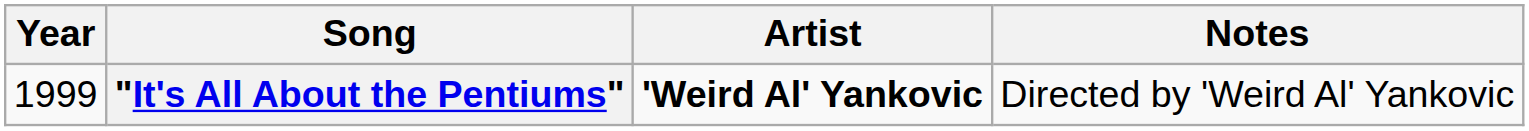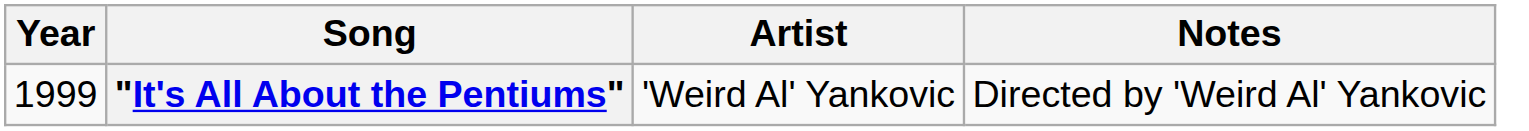 <table class="wikitable plainrowheaders sortable">
 <tr>
 <th scope="col">Year</th>
 <th scope="col">Song</th>
 <th scope="col">Artist</th>
 <th scope="col" class="unsortable">Notes</th>
 </tr>
 <tr>
 <td>1999</td>
 <th scope="row">"<a href='#'>It's All About the Pentiums</a>"</th>
-<td><strong>'Weird Al' Yankovic</strong></td>
+<td>'Weird Al' Yankovic</td>
 <td>Directed by 'Weird Al' Yankovic</td>
 </tr>
 </table>
